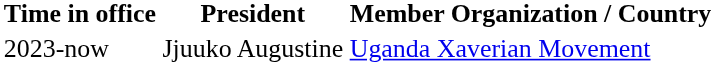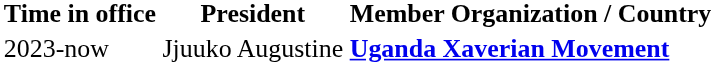 <table class=“wikitable sortable”>
 <tr>
 <th>Time in office</th>
 <th>President</th>
 <th>Member Organization / Country</th>
 </tr>
 <tr>
 <td>2023-now</td>
 <td>Jjuuko Augustine</td>
-<td><a href='#'>Uganda Xaverian Movement</a><br></td>
+<td><strong><a href='#'>Uganda Xaverian Movement</a><br></strong></td>
 </tr>
 <tr>
 </tr>
 </table>
